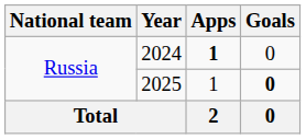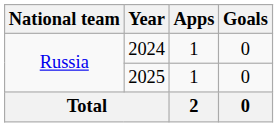 <table class=wikitable style=text-align:center>
 <tr>
 <th>National team</th>
 <th>Year</th>
 <th>Apps</th>
 <th>Goals</th>
 </tr>
 <tr>
 <td rowspan="2"><a href='#'>Russia</a></td>
 <td>2024</td>
-<td><strong>1</strong></td>
+<td>1</td>
 <td>0</td>
 </tr>
 <tr>
 <td>2025</td>
 <td>1</td>
-<td><strong>0</strong></td>
+<td>0</td>
 </tr>
 <tr>
 <th colspan="2">Total</th>
 <th>2</th>
 <th>0</th>
 </tr>
 </table>
